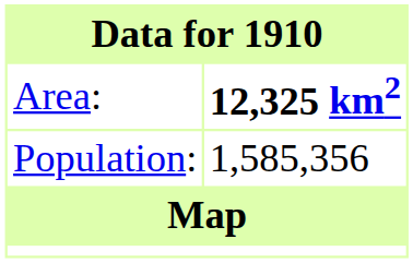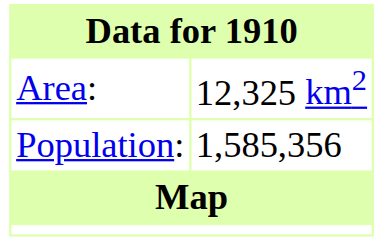 <table border="0" cellpadding="2" cellspacing="1" style="float:right; empty-cells:show; margin-left:1em; margin-bottom:0.5em; background:#DEFFAD;">
 <tr>
 <th colspan="2">Data for 1910</th>
 </tr>
 <tr bgcolor="#FFFFFF">
 <td><a href='#'>Area</a>:</td>
-<td><strong>12,325 <a href='#'>km<sup>2</sup></a></strong></td>
+<td>12,325 <a href='#'>km<sup>2</sup></a></td>
 </tr>
 <tr bgcolor="#FFFFFF">
 <td><a href='#'>Population</a>:</td>
 <td>1,585,356</td>
 </tr>
 <tr>
 <th colspan="3">Map</th>
 </tr>
 <tr bgcolor="#FFFFFF">
 <td colspan="3" align="left"></td>
 </tr>
 </table>
